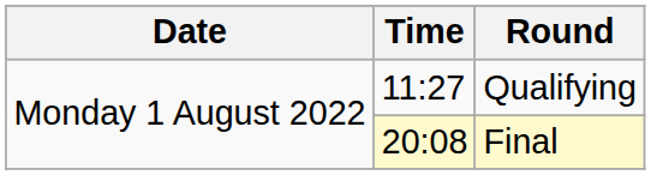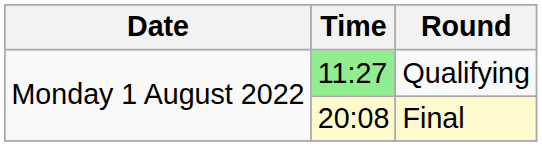 <table class="wikitable">
 <tr>
 <th>Date</th>
 <th>Time</th>
 <th>Round</th>
 </tr>
 <tr>
 <td rowspan=2>Monday 1 August 2022</td>
-<td>11:27</td>
+<td style="background: lightgreen;">11:27</td>
 <td>Qualifying</td>
 </tr>
 <tr>
 <td style=background:lemonchiffon>20:08</td>
 <td style=background:lemonchiffon>Final</td>
 </tr>
 </table>
